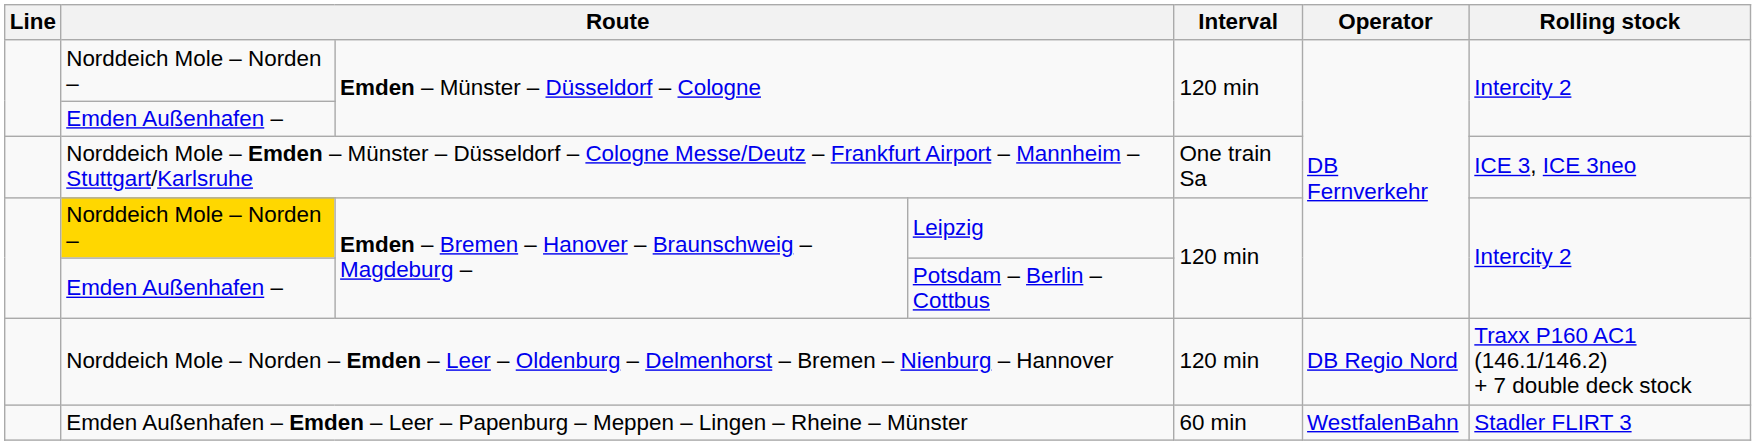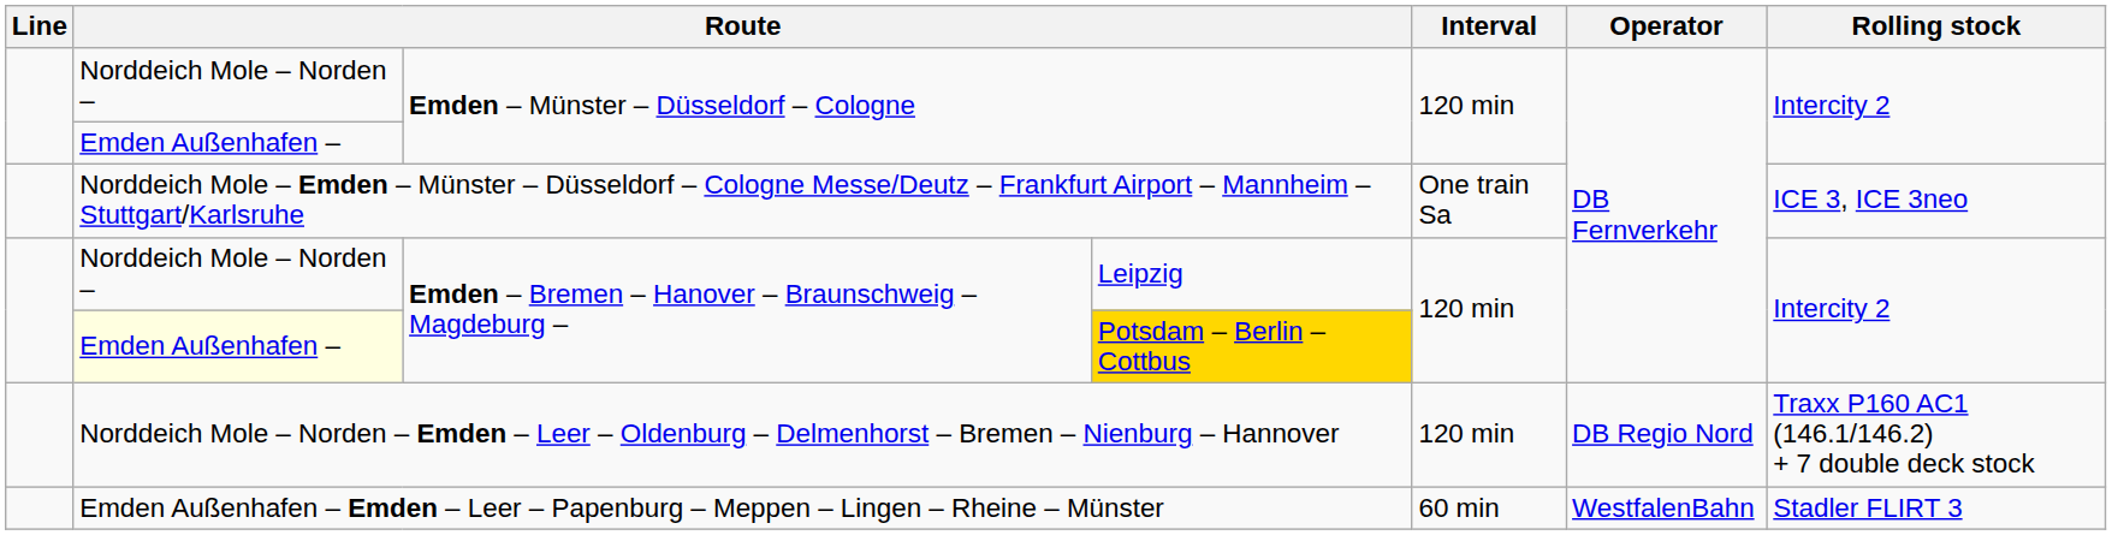 <table class="wikitable">
 <tr>
 <th>Line</th>
 <th colspan="3">Route</th>
 <th>Interval</th>
 <th>Operator</th>
 <th>Rolling stock</th>
 </tr>
 <tr>
 <td rowspan="2"></td>
 <td>Norddeich Mole – Norden –</td>
 <td colspan="2" rowspan="2"><strong>Emden</strong> – Münster – <a href='#'>Düsseldorf</a> – <a href='#'>Cologne</a></td>
 <td rowspan="2">120 min</td>
 <td rowspan="5"><a href='#'>DB Fernverkehr</a></td>
 <td rowspan="2"><a href='#'>Intercity 2</a></td>
 </tr>
 <tr>
 <td><a href='#'>Emden Außenhafen</a> –</td>
 </tr>
 <tr>
 <td></td>
 <td colspan="3">Norddeich Mole – <strong>Emden</strong> – Münster – Düsseldorf – <a href='#'>Cologne Messe/Deutz</a> – <a href='#'>Frankfurt Airport</a> – <a href='#'>Mannheim</a> – <a href='#'>Stuttgart</a>/<a href='#'>Karlsruhe</a></td>
 <td>One train Sa</td>
 <td><a href='#'>ICE 3</a>, <a href='#'>ICE 3neo</a></td>
 </tr>
 <tr>
 <td rowspan="2"></td>
-<td style="background: gold;">Norddeich Mole – Norden –</td>
+<td>Norddeich Mole – Norden –</td>
 <td rowspan="2"><strong>Emden</strong> – <a href='#'>Bremen</a> – <a href='#'>Hanover</a> – <a href='#'>Braunschweig</a> – <a href='#'>Magdeburg</a> –</td>
 <td><a href='#'>Leipzig</a></td>
 <td rowspan="2">120 min</td>
 <td rowspan="2"><a href='#'>Intercity 2</a></td>
 </tr>
 <tr>
-<td><a href='#'>Emden Außenhafen</a> –</td>
-<td><a href='#'>Potsdam</a> – <a href='#'>Berlin</a> – <a href='#'>Cottbus</a></td>
+<td style="background: lightyellow;"><a href='#'>Emden Außenhafen</a> –</td>
+<td style="background: gold;"><a href='#'>Potsdam</a> – <a href='#'>Berlin</a> – <a href='#'>Cottbus</a></td>
 </tr>
 <tr>
 <td></td>
 <td colspan="3">Norddeich Mole – Norden  – <strong>Emden</strong> – <a href='#'>Leer</a> – <a href='#'>Oldenburg</a> – <a href='#'>Delmenhorst</a> – Bremen – <a href='#'>Nienburg</a> – Hannover</td>
 <td>120 min</td>
 <td><a href='#'>DB Regio Nord</a></td>
 <td><a href='#'>Traxx P160 AC1</a> (146.1/146.2)<br>+ 7 double deck stock</td>
 </tr>
 <tr>
 <td></td>
 <td colspan="3">Emden Außenhafen – <strong>Emden</strong> – Leer – Papenburg – Meppen – Lingen – Rheine – Münster</td>
 <td>60 min</td>
 <td><a href='#'>WestfalenBahn</a></td>
 <td><a href='#'>Stadler FLIRT 3</a></td>
 </tr>
 </table>
